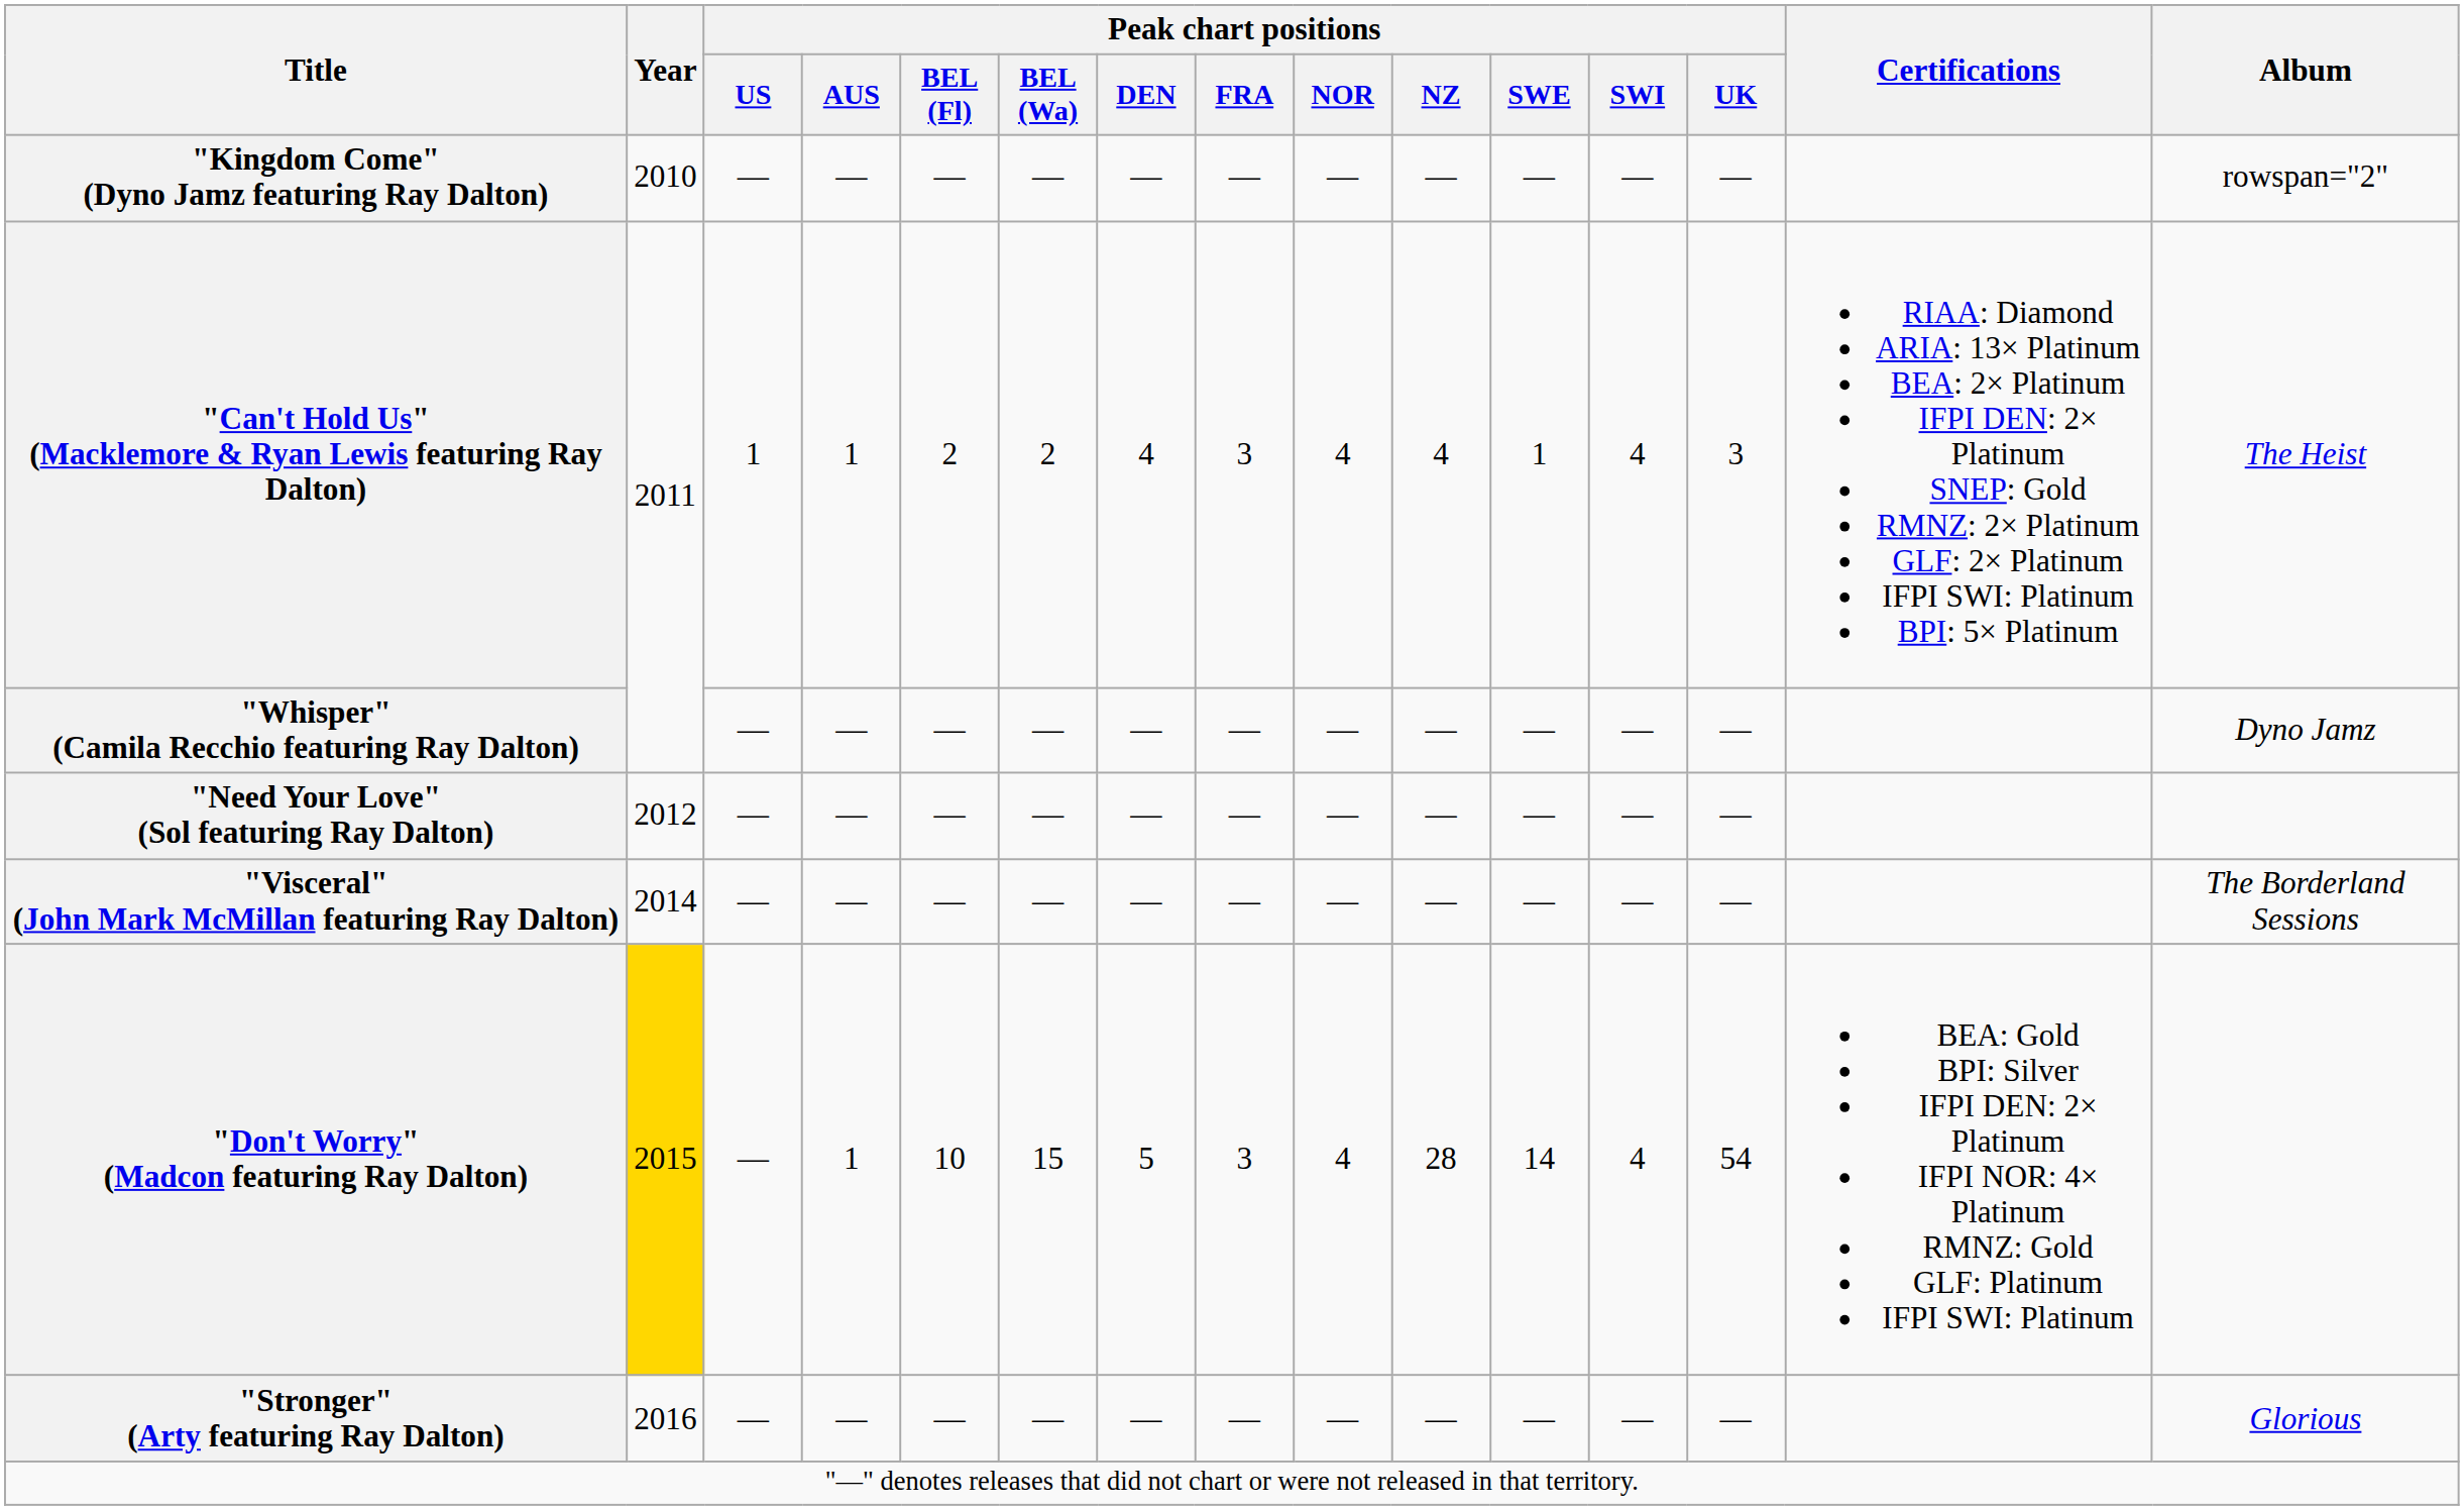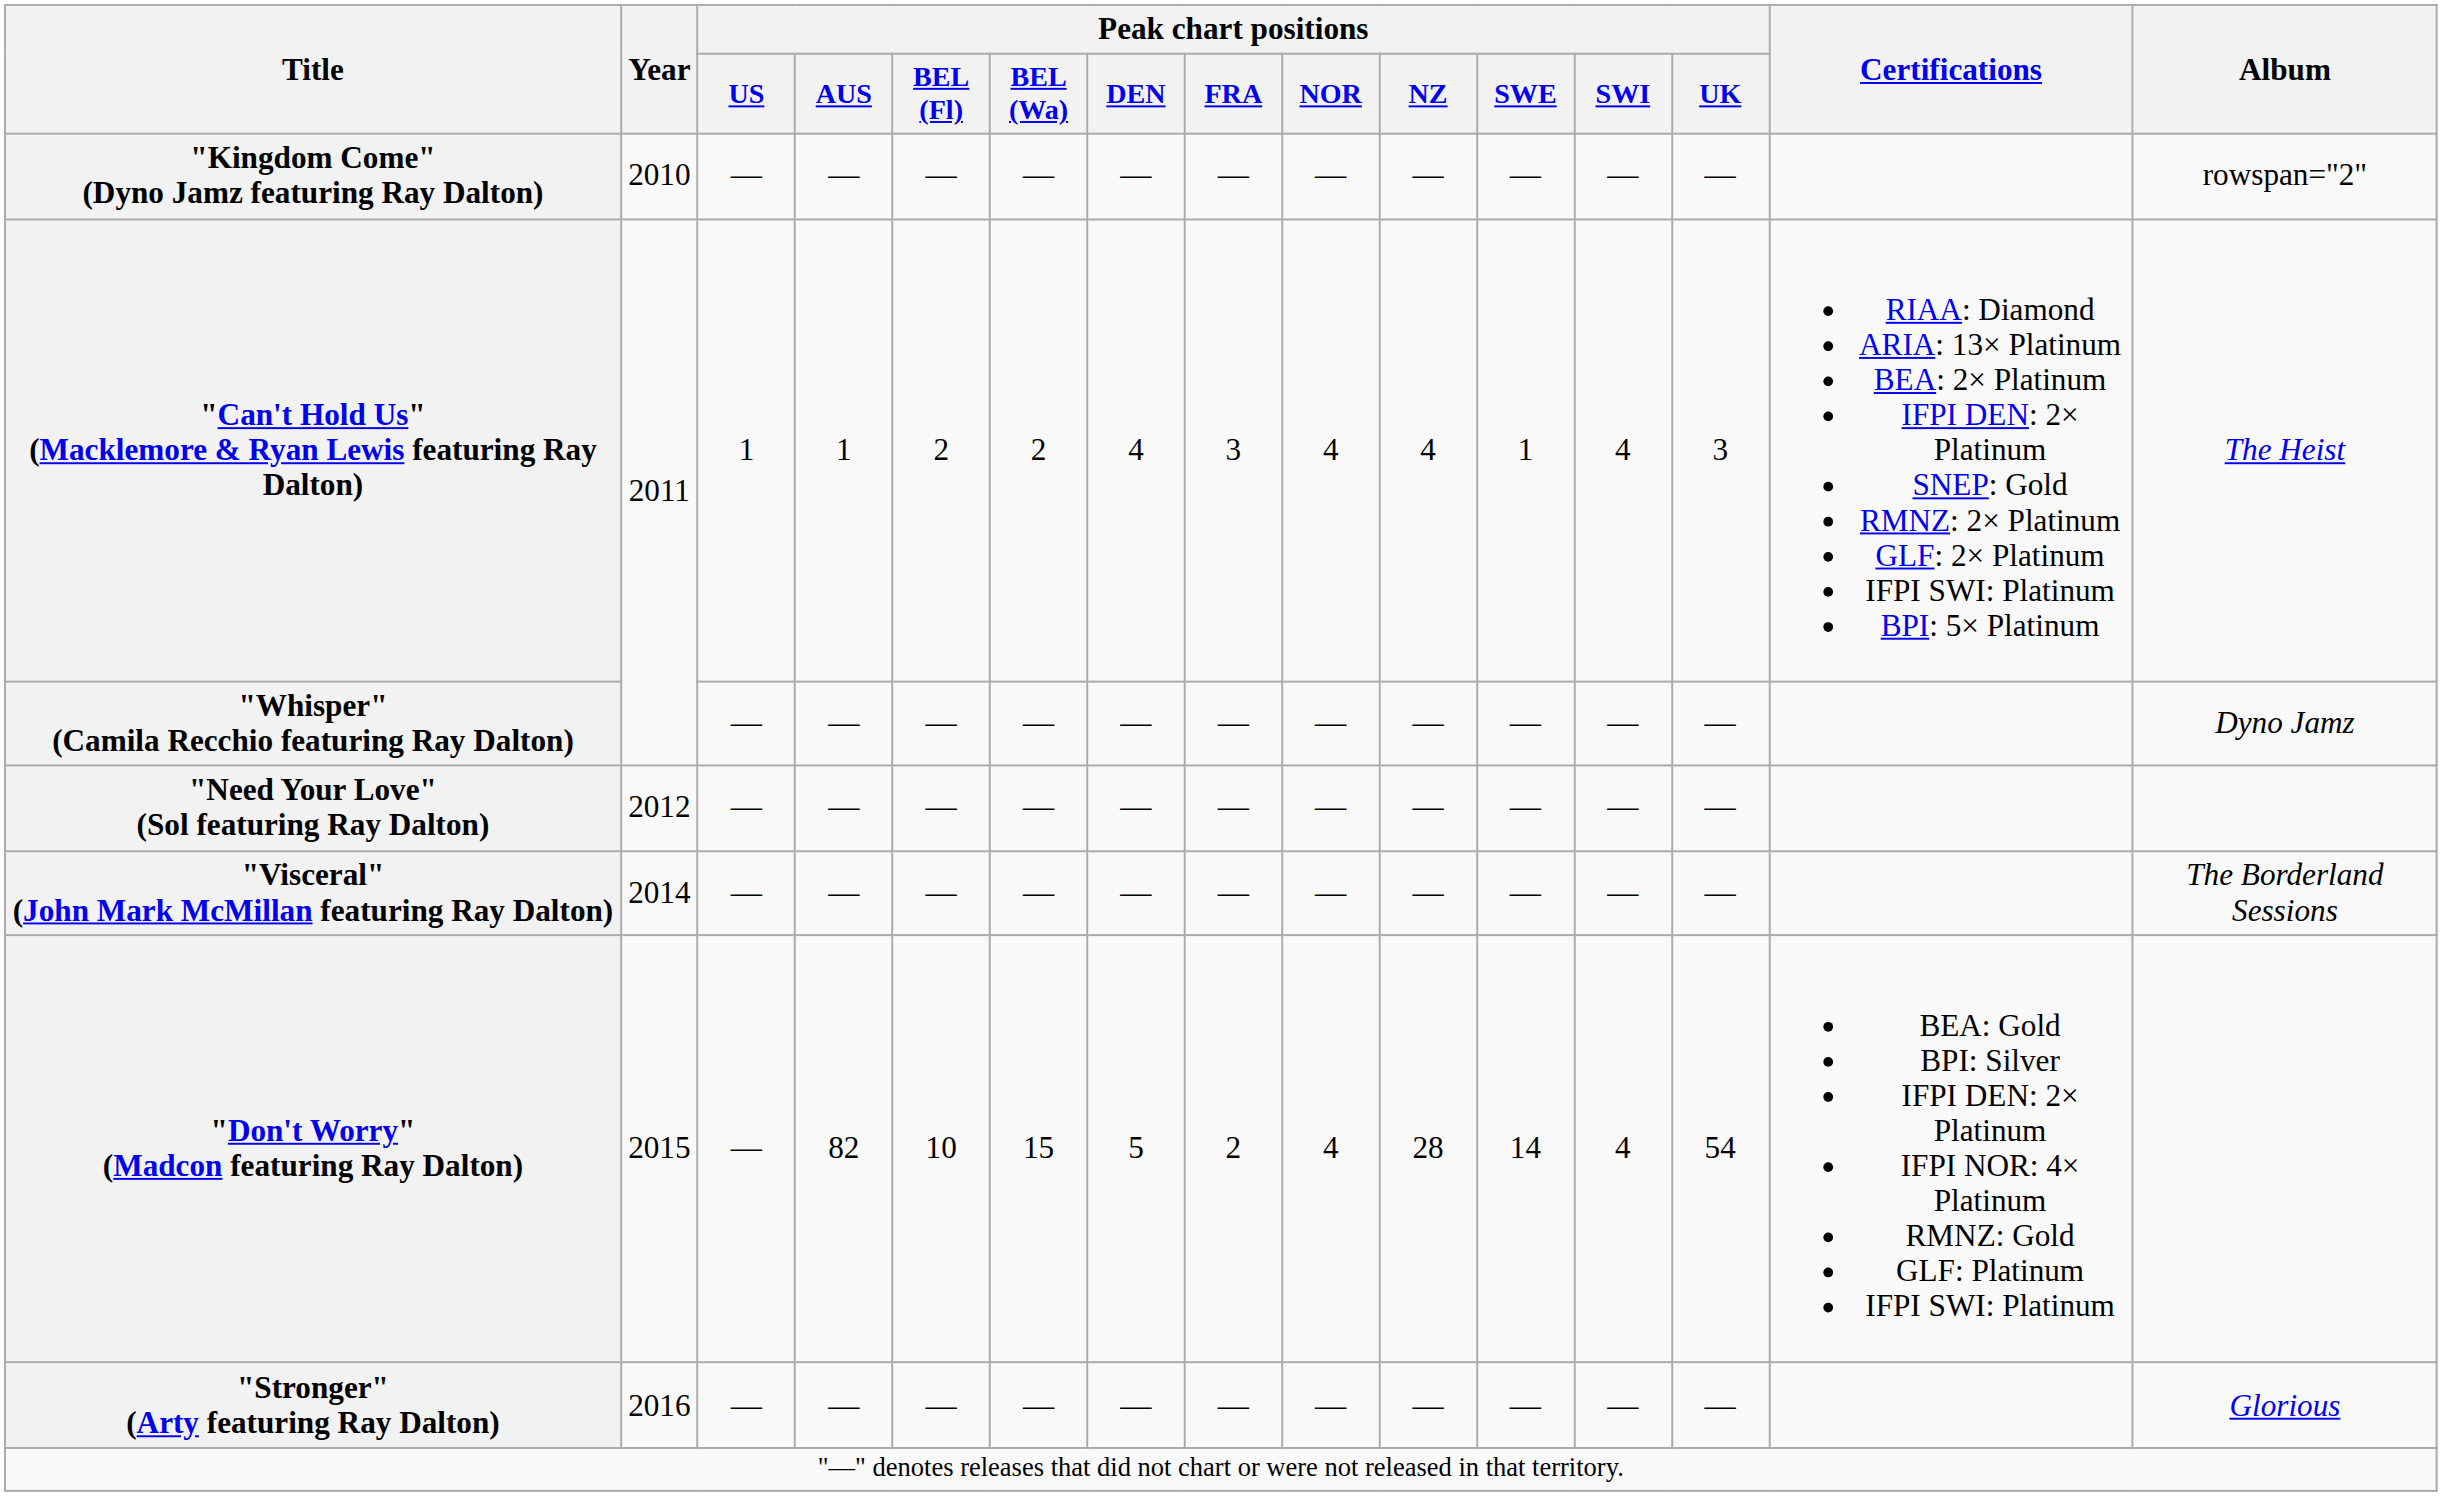 <table class="wikitable plainrowheaders" style="text-align:center;">
 <tr>
 <th scope="col" rowspan="2">Title</th>
 <th scope="col" rowspan="2">Year</th>
 <th scope="col" colspan="11">Peak chart positions</th>
 <th rowspan="2"><a href='#'>Certifications</a></th>
 <th scope="col" rowspan="2">Album</th>
 </tr>
 <tr>
 <th scope="col" style="width:3em;font-size:90%;"><a href='#'>US</a><br></th>
 <th scope="col" style="width:3em;font-size:90%;"><a href='#'>AUS</a><br></th>
 <th scope="col" style="width:3em;font-size:90%;"><a href='#'>BEL<br>(Fl)</a><br></th>
 <th scope="col" style="width:3em;font-size:90%;"><a href='#'>BEL<br>(Wa)</a><br></th>
 <th scope="col" style="width:3em;font-size:90%;"><a href='#'>DEN</a><br></th>
 <th scope="col" style="width:3em;font-size:90%;"><a href='#'>FRA</a><br></th>
 <th scope="col" style="width:3em;font-size:90%;"><a href='#'>NOR</a><br></th>
 <th scope="col" style="width:3em;font-size:90%;"><a href='#'>NZ</a><br></th>
 <th scope="col" style="width:3em;font-size:90%;"><a href='#'>SWE</a><br></th>
 <th scope="col" style="width:3em;font-size:90%;"><a href='#'>SWI</a><br></th>
 <th scope="col" style="width:3em;font-size:90%;"><a href='#'>UK</a><br></th>
 </tr>
 <tr>
 <th scope="row">"Kingdom Come"<br><span>(Dyno Jamz featuring Ray Dalton)</span></th>
 <td>2010</td>
 <td>—</td>
 <td>—</td>
 <td>—</td>
 <td>—</td>
 <td>—</td>
 <td>—</td>
 <td>—</td>
 <td>—</td>
 <td>—</td>
 <td>—</td>
 <td>—</td>
 <td></td>
 <td>rowspan="2" </td>
 </tr>
 <tr>
 <th scope="row">"<a href='#'>Can't Hold Us</a>"<br><span>(<a href='#'>Macklemore & Ryan Lewis</a> featuring Ray Dalton)</span></th>
 <td rowspan="2">2011</td>
 <td>1</td>
 <td>1</td>
 <td>2</td>
 <td>2</td>
 <td>4</td>
 <td>3</td>
 <td>4</td>
 <td>4</td>
 <td>1</td>
 <td>4</td>
 <td>3</td>
 <td><br><ul><li><a href='#'>RIAA</a>: Diamond</li><li><a href='#'>ARIA</a>: 13× Platinum</li><li><a href='#'>BEA</a>: 2× Platinum</li><li><a href='#'>IFPI DEN</a>: 2× Platinum</li><li><a href='#'>SNEP</a>: Gold</li><li><a href='#'>RMNZ</a>: 2× Platinum</li><li><a href='#'>GLF</a>: 2× Platinum</li><li>IFPI SWI: Platinum</li><li><a href='#'>BPI</a>: 5× Platinum</li></ul></td>
 <td><em><a href='#'>The Heist</a></em></td>
 </tr>
 <tr>
 <th scope="row">"Whisper"<br><span>(Camila Recchio featuring Ray Dalton)</span></th>
 <td>—</td>
 <td>—</td>
 <td>—</td>
 <td>—</td>
 <td>—</td>
 <td>—</td>
 <td>—</td>
 <td>—</td>
 <td>—</td>
 <td>—</td>
 <td>—</td>
 <td></td>
 <td><em>Dyno Jamz</em></td>
 </tr>
 <tr>
 <th scope="row">"Need Your Love"<br><span>(Sol featuring Ray Dalton)</span></th>
 <td>2012</td>
 <td>—</td>
 <td>—</td>
 <td>—</td>
 <td>—</td>
 <td>—</td>
 <td>—</td>
 <td>—</td>
 <td>—</td>
 <td>—</td>
 <td>—</td>
 <td>—</td>
 <td></td>
 </tr>
 <tr>
 <th scope="row">"Visceral"<br><span>(<a href='#'>John Mark McMillan</a> featuring Ray Dalton)</span></th>
 <td>2014</td>
 <td>—</td>
 <td>—</td>
 <td>—</td>
 <td>—</td>
 <td>—</td>
 <td>—</td>
 <td>—</td>
 <td>—</td>
 <td>—</td>
 <td>—</td>
 <td>—</td>
 <td></td>
 <td><em>The Borderland Sessions</em></td>
 </tr>
 <tr>
 <th scope="row">"<a href='#'>Don't Worry</a>"<br><span>(<a href='#'>Madcon</a> featuring Ray Dalton)</span></th>
-<td style="background: gold;">2015</td>
+<td>2015</td>
 <td>—</td>
-<td>1</td>
+<td>82</td>
 <td>10</td>
 <td>15</td>
 <td>5</td>
-<td>3</td>
+<td>2</td>
 <td>4</td>
 <td>28</td>
 <td>14</td>
 <td>4</td>
 <td>54</td>
 <td><br><ul><li>BEA: Gold</li><li>BPI: Silver</li><li>IFPI DEN: 2× Platinum</li><li>IFPI NOR: 4× Platinum</li><li>RMNZ: Gold</li><li>GLF: Platinum</li><li>IFPI SWI: Platinum</li></ul></td>
 <td></td>
 </tr>
 <tr>
 <th scope="row">"Stronger"<br><span>(<a href='#'>Arty</a> featuring Ray Dalton)</span></th>
 <td>2016</td>
 <td>—</td>
 <td>—</td>
 <td>—</td>
 <td>—</td>
 <td>—</td>
 <td>—</td>
 <td>—</td>
 <td>—</td>
 <td>—</td>
 <td>—</td>
 <td>—</td>
 <td></td>
 <td><em><a href='#'>Glorious</a></em></td>
 </tr>
 <tr>
 <td colspan="15" style="font-size:85%">"—" denotes releases that did not chart or were not released in that territory.</td>
 </tr>
 </table>
